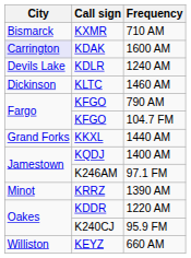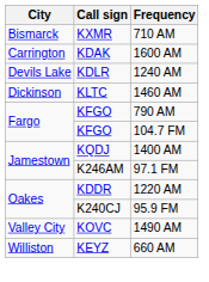 <table class="wikitable">
 <tr>
 <th>City</th>
 <th>Call sign</th>
 <th>Frequency</th>
 </tr>
 <tr>
 <td><a href='#'>Bismarck</a></td>
 <td><a href='#'>KXMR</a></td>
 <td>710 AM</td>
 </tr>
 <tr>
-<td style="background: lavender;"><a href='#'>Carrington</a></td>
+<td><a href='#'>Carrington</a></td>
 <td><a href='#'>KDAK</a></td>
 <td>1600 AM</td>
 </tr>
 <tr>
 <td><a href='#'>Devils Lake</a></td>
 <td><a href='#'>KDLR</a></td>
 <td>1240 AM</td>
 </tr>
 <tr>
 <td><a href='#'>Dickinson</a></td>
 <td><a href='#'>KLTC</a></td>
 <td>1460 AM</td>
 </tr>
 <tr>
 <td rowspan="2"><a href='#'>Fargo</a></td>
 <td><a href='#'>KFGO</a></td>
 <td>790 AM</td>
 </tr>
 <tr>
 <td><a href='#'>KFGO</a></td>
 <td>104.7 FM</td>
 </tr>
 <tr>
-<td><a href='#'>Grand Forks</a></td>
-<td><a href='#'>KKXL</a></td>
-<td>1440 AM</td>
-</tr>
-<tr>
 <td rowspan="2"><a href='#'>Jamestown</a></td>
 <td><a href='#'>KQDJ</a></td>
 <td>1400 AM</td>
 </tr>
 <tr>
 <td>K246AM</td>
 <td>97.1 FM</td>
-</tr>
-<tr>
-<td><a href='#'>Minot</a></td>
-<td><a href='#'>KRRZ</a></td>
-<td>1390 AM</td>
 </tr>
 <tr>
 <td rowspan="2"><a href='#'>Oakes</a></td>
 <td><a href='#'>KDDR</a></td>
 <td>1220 AM</td>
 </tr>
 <tr>
 <td>K240CJ</td>
 <td>95.9 FM</td>
 </tr>
 <tr>
+<td><a href='#'>Valley City</a></td>
+<td><a href='#'>KOVC</a></td>
+<td>1490 AM</td>
+</tr>
+<tr>
 <td><a href='#'>Williston</a></td>
 <td><a href='#'>KEYZ</a></td>
 <td>660 AM</td>
 </tr>
 </table>
